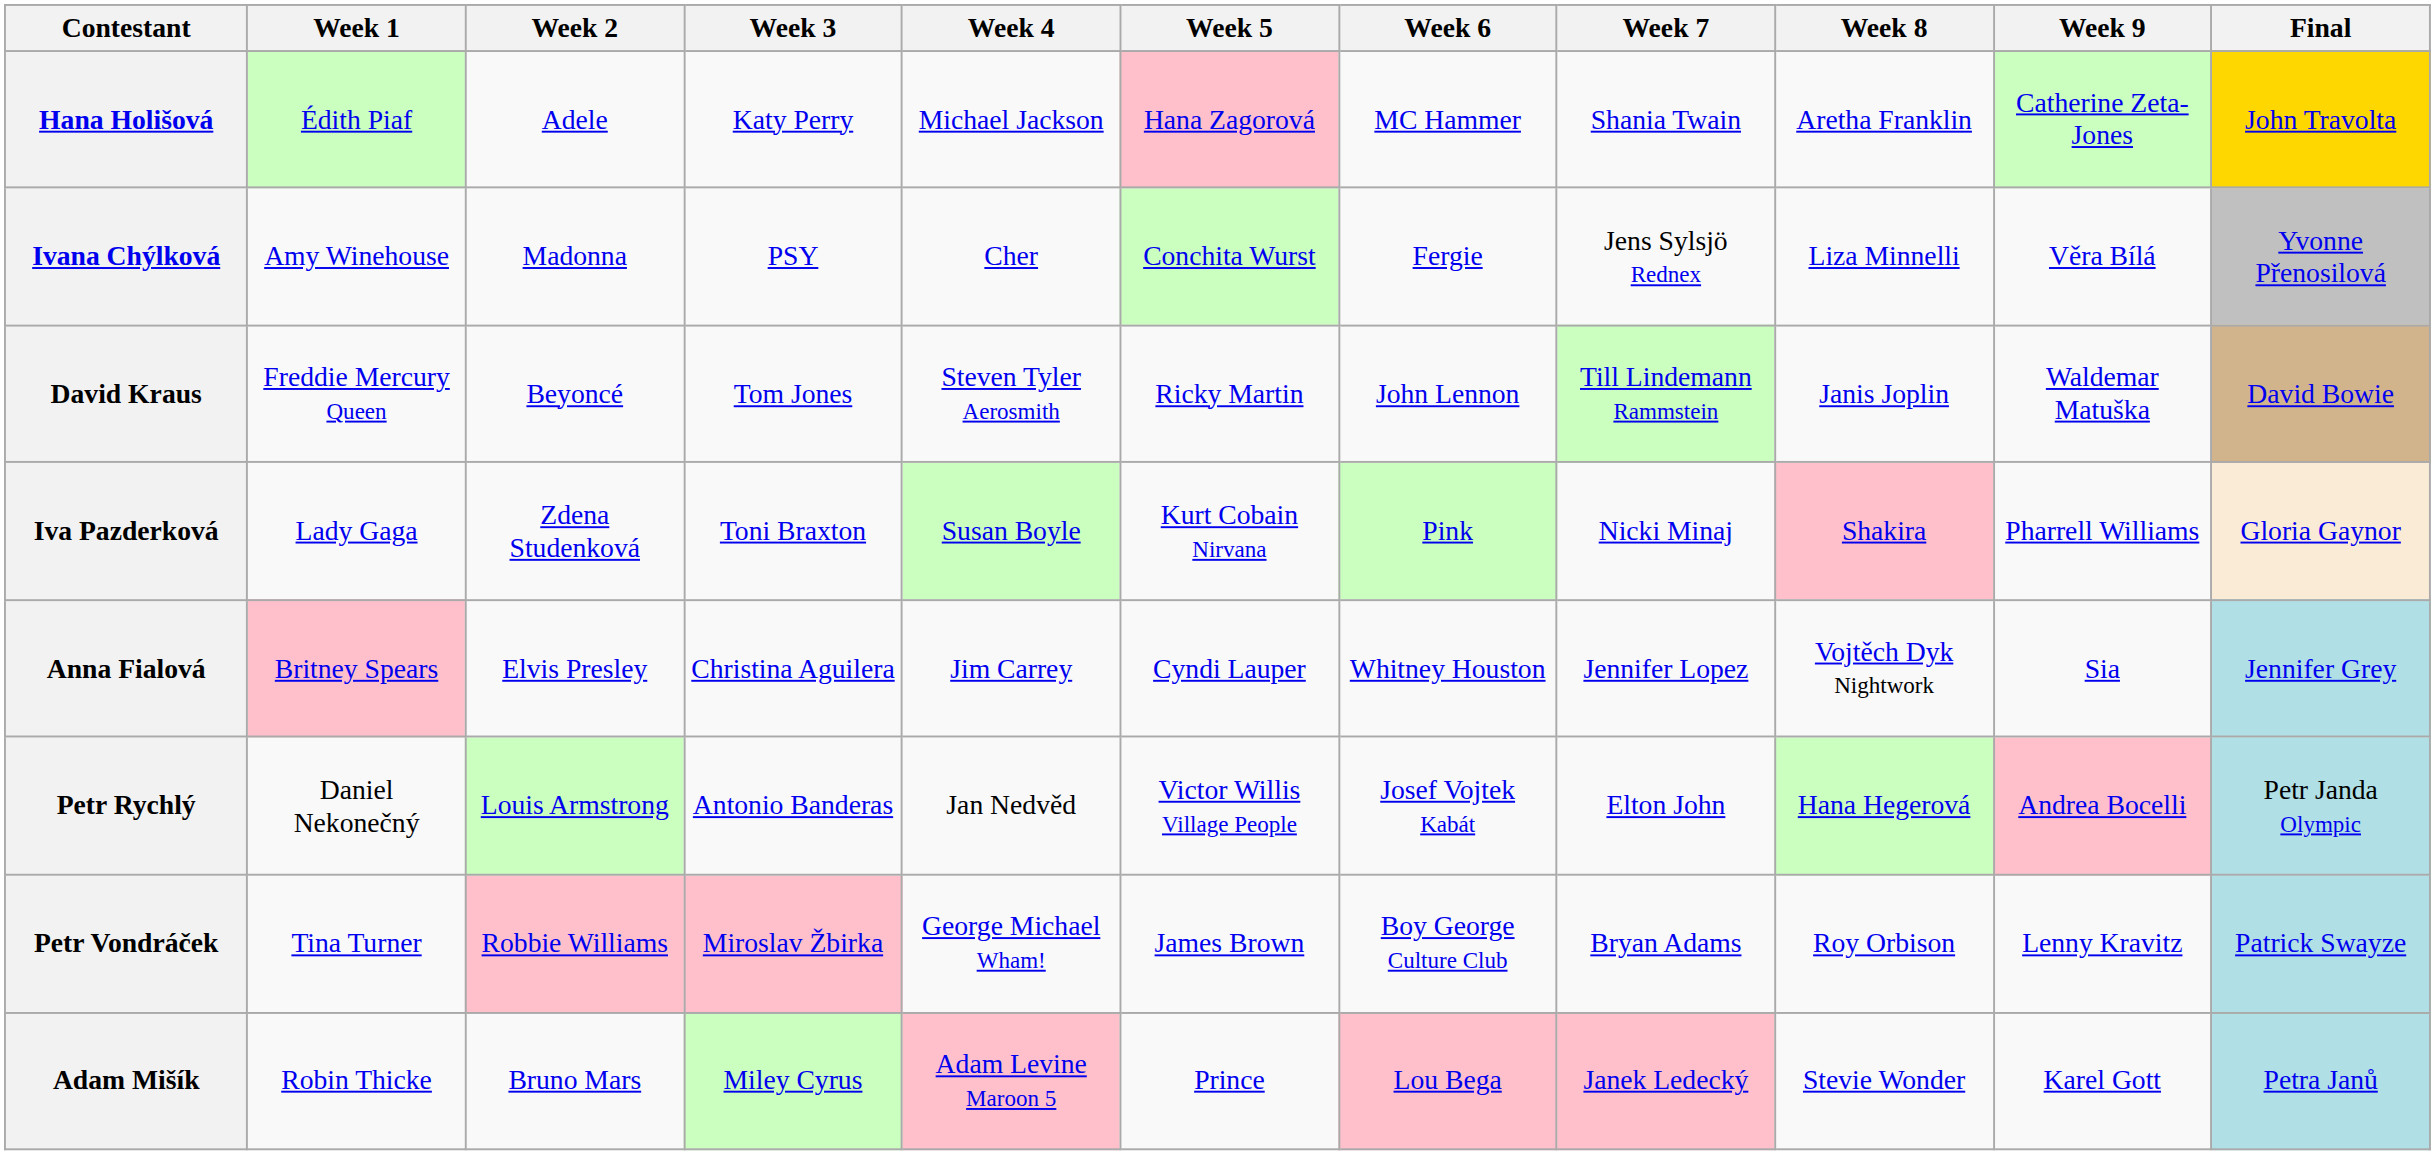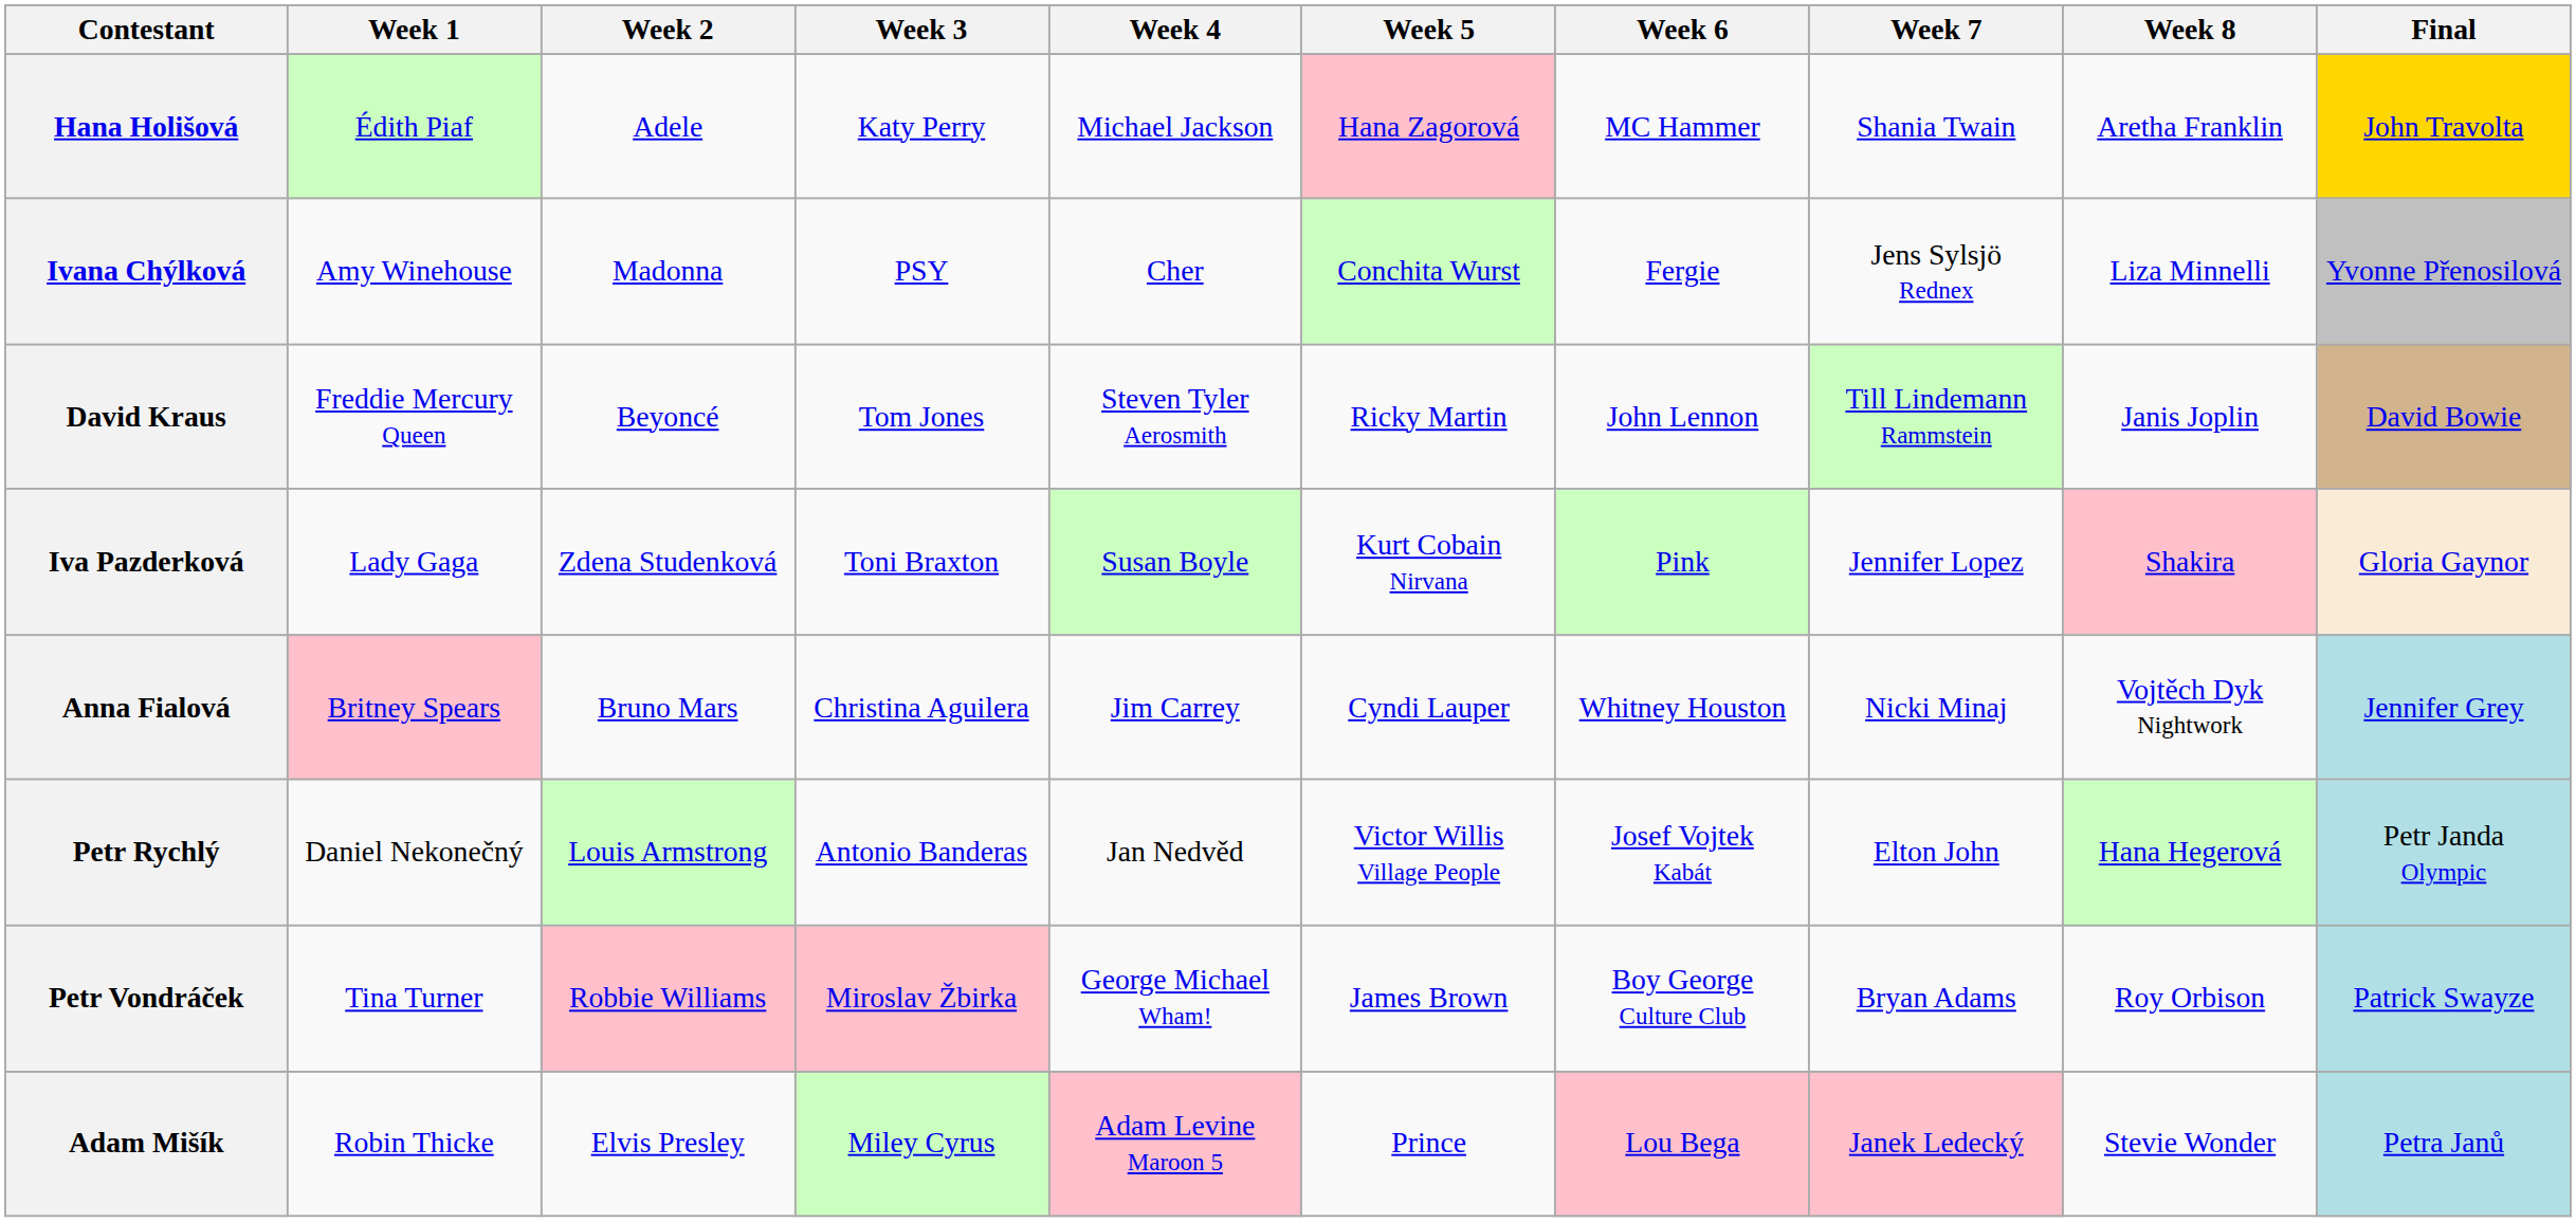 <table class="wikitable" style="font-size:90%; text-align:center; margin-left: auto; margin-right: auto">
 <tr>
 <th style="width: 10%;">Contestant</th>
 <th style="width: 9%;">Week 1</th>
 <th style="width: 9%;">Week 2</th>
 <th style="width: 9%;">Week 3</th>
 <th style="width: 9%;">Week 4</th>
 <th style="width: 9%;">Week 5</th>
 <th style="width: 9%;">Week 6</th>
 <th style="width: 9%;">Week 7</th>
 <th style="width: 9%;">Week 8</th>
-<th style="width: 9%;">Week 9</th>
 <th style="width: 9%;">Final</th>
 </tr>
 <tr>
 <th style=height:4.5em><a href='#'>Hana Holišová</a></th>
 <td style="background:#cbffc0"><a href='#'>Édith Piaf</a></td>
 <td><a href='#'>Adele</a></td>
 <td><a href='#'>Katy Perry</a></td>
 <td><a href='#'>Michael Jackson</a></td>
 <td style="background:pink"><a href='#'>Hana Zagorová</a></td>
 <td><a href='#'>MC Hammer</a></td>
 <td><a href='#'>Shania Twain</a></td>
 <td><a href='#'>Aretha Franklin</a></td>
-<td style="background:#cbffc0"><a href='#'>Catherine Zeta-Jones</a></td>
 <td style="background:gold;"><a href='#'>John Travolta</a></td>
 </tr>
 <tr>
 <th style=height:4.5em><a href='#'>Ivana Chýlková</a></th>
 <td><a href='#'>Amy Winehouse</a></td>
 <td><a href='#'>Madonna</a></td>
 <td><a href='#'>PSY</a></td>
 <td><a href='#'>Cher</a></td>
 <td style="background:#cbffc0"><a href='#'>Conchita Wurst</a></td>
 <td><a href='#'>Fergie</a></td>
 <td>Jens Sylsjö <br><small><a href='#'>Rednex</a></small></td>
 <td><a href='#'>Liza Minnelli</a></td>
-<td><a href='#'>Věra Bílá</a></td>
 <td style="background:silver;"><a href='#'>Yvonne Přenosilová</a></td>
 </tr>
 <tr>
 <th style=height:4.5em>David Kraus</th>
 <td><a href='#'>Freddie Mercury</a> <br><small><a href='#'>Queen</a></small></td>
 <td><a href='#'>Beyoncé</a></td>
 <td><a href='#'>Tom Jones</a></td>
 <td><a href='#'>Steven Tyler</a> <br><small><a href='#'>Aerosmith</a></small></td>
 <td><a href='#'>Ricky Martin</a></td>
 <td><a href='#'>John Lennon</a></td>
 <td style="background:#cbffc0"><a href='#'>Till Lindemann</a> <br><small><a href='#'>Rammstein</a></small></td>
 <td><a href='#'>Janis Joplin</a></td>
-<td><a href='#'>Waldemar Matuška</a></td>
 <td style="background:tan"><a href='#'>David Bowie</a></td>
 </tr>
 <tr>
 <th style=height:4.5em>Iva Pazderková</th>
 <td><a href='#'>Lady Gaga</a></td>
 <td><a href='#'>Zdena Studenková</a></td>
 <td><a href='#'>Toni Braxton</a></td>
 <td style="background:#cbffc0"><a href='#'>Susan Boyle</a></td>
 <td><a href='#'>Kurt Cobain</a> <br><small><a href='#'>Nirvana</a></small></td>
 <td style="background:#cbffc0"><a href='#'>Pink</a></td>
-<td><a href='#'>Nicki Minaj</a></td>
+<td><a href='#'>Jennifer Lopez</a></td>
 <td style="background:pink"><a href='#'>Shakira</a></td>
-<td><a href='#'>Pharrell Williams</a></td>
 <td style="background:antiquewhite"><a href='#'>Gloria Gaynor</a></td>
 </tr>
 <tr>
 <th style=height:4.5em>Anna Fialová</th>
 <td style="background:pink"><a href='#'>Britney Spears</a></td>
-<td><a href='#'>Elvis Presley</a></td>
+<td><a href='#'>Bruno Mars</a></td>
 <td><a href='#'>Christina Aguilera</a></td>
 <td><a href='#'>Jim Carrey</a></td>
 <td><a href='#'>Cyndi Lauper</a></td>
 <td><a href='#'>Whitney Houston</a></td>
-<td><a href='#'>Jennifer Lopez</a></td>
+<td><a href='#'>Nicki Minaj</a></td>
 <td><a href='#'>Vojtěch Dyk</a> <br> <small>Nightwork</small></td>
-<td><a href='#'>Sia</a></td>
 <td style="background:#b0e0e6"><a href='#'>Jennifer Grey</a></td>
 </tr>
 <tr>
 <th style=height:4.5em>Petr Rychlý</th>
 <td>Daniel Nekonečný</td>
 <td style="background:#cbffc0"><a href='#'>Louis Armstrong</a></td>
 <td><a href='#'>Antonio Banderas</a></td>
 <td>Jan Nedvěd</td>
 <td><a href='#'>Victor Willis</a> <br><small><a href='#'>Village People</a></small></td>
 <td><a href='#'>Josef Vojtek</a> <br><small><a href='#'>Kabát</a></small></td>
 <td><a href='#'>Elton John</a></td>
 <td style="background:#cbffc0"><a href='#'>Hana Hegerová</a></td>
-<td style="background:pink"><a href='#'>Andrea Bocelli</a></td>
 <td style="background:#b0e0e6">Petr Janda <br><small><a href='#'>Olympic</a></small></td>
 </tr>
 <tr>
 <th style=height:4.5em>Petr Vondráček</th>
 <td><a href='#'>Tina Turner</a></td>
 <td style="background:pink"><a href='#'>Robbie Williams</a></td>
 <td style="background:pink"><a href='#'>Miroslav Žbirka</a></td>
 <td><a href='#'>George Michael</a> <br><small><a href='#'>Wham!</a></small></td>
 <td><a href='#'>James Brown</a></td>
 <td><a href='#'>Boy George</a> <br><small><a href='#'>Culture Club</a></small></td>
 <td><a href='#'>Bryan Adams</a></td>
 <td><a href='#'>Roy Orbison</a></td>
-<td><a href='#'>Lenny Kravitz</a></td>
 <td style="background:#b0e0e6"><a href='#'>Patrick Swayze</a></td>
 </tr>
 <tr>
 <th style=height:4.5em>Adam Mišík</th>
 <td><a href='#'>Robin Thicke</a></td>
-<td><a href='#'>Bruno Mars</a></td>
+<td><a href='#'>Elvis Presley</a></td>
 <td style="background:#cbffc0"><a href='#'>Miley Cyrus</a></td>
 <td style="background:pink"><a href='#'>Adam Levine</a> <br><small><a href='#'>Maroon 5</a></small></td>
 <td><a href='#'>Prince</a></td>
 <td style="background:pink"><a href='#'>Lou Bega</a></td>
 <td style="background:pink"><a href='#'>Janek Ledecký</a></td>
 <td><a href='#'>Stevie Wonder</a></td>
-<td><a href='#'>Karel Gott</a></td>
 <td style="background:#b0e0e6"><a href='#'>Petra Janů</a></td>
 </tr>
 </table>
